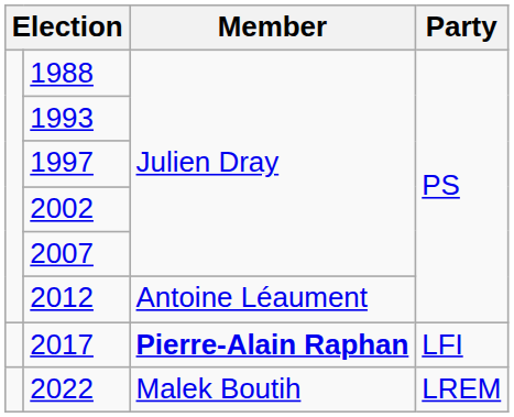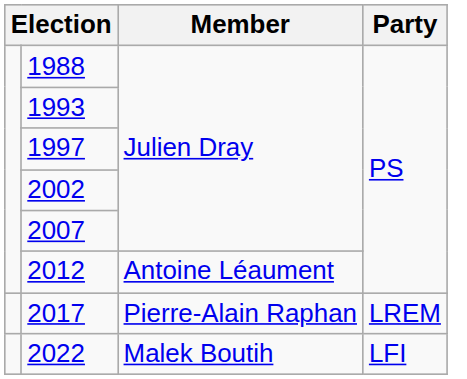 <table class="wikitable">
 <tr>
 <th colspan="2">Election</th>
 <th>Member</th>
 <th>Party</th>
 </tr>
 <tr>
 <td rowspan="6" style="color:inherit;background-color: "></td>
 <td><a href='#'>1988</a></td>
 <td rowspan="5"><a href='#'>Julien Dray</a></td>
 <td rowspan="6"><a href='#'>PS</a></td>
 </tr>
 <tr>
 <td><a href='#'>1993</a></td>
 </tr>
 <tr>
 <td><a href='#'>1997</a></td>
 </tr>
 <tr>
 <td><a href='#'>2002</a></td>
 </tr>
 <tr>
 <td><a href='#'>2007</a></td>
 </tr>
 <tr>
 <td><a href='#'>2012</a></td>
 <td><a href='#'>Antoine Léaument</a></td>
 </tr>
 <tr>
 <td style="color:inherit;background-color: "></td>
 <td><a href='#'>2017</a></td>
-<td><strong><a href='#'>Pierre-Alain Raphan</a></strong></td>
-<td><a href='#'>LFI</a></td>
+<td><a href='#'>Pierre-Alain Raphan</a></td>
+<td><a href='#'>LREM</a></td>
 </tr>
 <tr>
 <td style="color:inherit;background-color: "></td>
 <td><a href='#'>2022</a></td>
 <td><a href='#'>Malek Boutih</a></td>
-<td><a href='#'>LREM</a></td>
+<td><a href='#'>LFI</a></td>
 </tr>
 </table>
